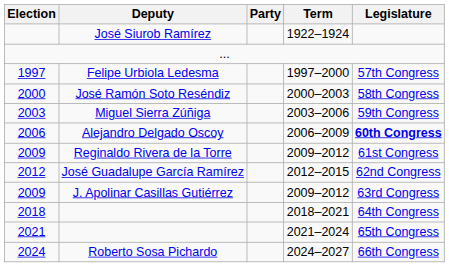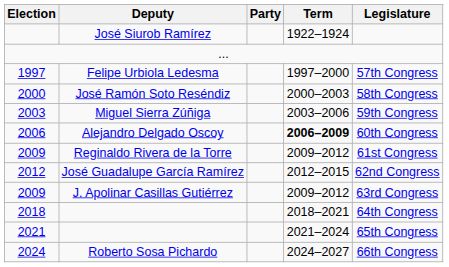 <table class="wikitable sortable" style="text-align: center">
 <tr>
 <th>Election</th>
 <th class="unsortable">Deputy</th>
 <th class="unsortable">Party</th>
 <th class="unsortable">Term</th>
 <th class="unsortable">Legislature</th>
 </tr>
 <tr>
 <td></td>
 <td><a href='#'>José Siurob Ramírez</a></td>
 <td></td>
 <td>1922–1924</td>
 <td></td>
 </tr>
 <tr>
 <td colspan=5> ...</td>
 </tr>
 <tr>
 <td><a href='#'>1997</a></td>
 <td><a href='#'>Felipe Urbiola Ledesma</a></td>
 <td></td>
 <td>1997–2000</td>
 <td><a href='#'>57th Congress</a></td>
 </tr>
 <tr>
 <td><a href='#'>2000</a></td>
 <td><a href='#'>José Ramón Soto Reséndiz</a></td>
 <td></td>
 <td>2000–2003</td>
 <td><a href='#'>58th Congress</a></td>
 </tr>
 <tr>
 <td><a href='#'>2003</a></td>
 <td><a href='#'>Miguel Sierra Zúñiga</a></td>
 <td></td>
 <td>2003–2006</td>
 <td><a href='#'>59th Congress</a></td>
 </tr>
 <tr>
 <td><a href='#'>2006</a></td>
 <td><a href='#'>Alejandro Delgado Oscoy</a></td>
 <td></td>
-<td>2006–2009</td>
-<td><strong><a href='#'>60th Congress</a></strong></td>
+<td><strong>2006–2009</strong></td>
+<td><a href='#'>60th Congress</a></td>
 </tr>
 <tr>
 <td><a href='#'>2009</a></td>
 <td><a href='#'>Reginaldo Rivera de la Torre</a></td>
 <td></td>
 <td>2009–2012</td>
 <td><a href='#'>61st Congress</a></td>
 </tr>
 <tr>
 <td><a href='#'>2012</a></td>
 <td><a href='#'>José Guadalupe García Ramírez</a></td>
 <td></td>
 <td>2012–2015</td>
 <td><a href='#'>62nd Congress</a></td>
 </tr>
 <tr>
 <td><a href='#'>2009</a></td>
 <td><a href='#'>J. Apolinar Casillas Gutiérrez</a></td>
 <td></td>
 <td>2009–2012</td>
 <td><a href='#'>63rd Congress</a></td>
 </tr>
 <tr>
 <td><a href='#'>2018</a></td>
 <td></td>
 <td></td>
 <td>2018–2021</td>
 <td><a href='#'>64th Congress</a></td>
 </tr>
 <tr>
 <td><a href='#'>2021</a></td>
 <td></td>
 <td></td>
 <td>2021–2024</td>
 <td><a href='#'>65th Congress</a></td>
 </tr>
 <tr>
 <td><a href='#'>2024</a></td>
 <td><a href='#'>Roberto Sosa Pichardo</a></td>
 <td></td>
 <td>2024–2027</td>
 <td><a href='#'>66th Congress</a></td>
 </tr>
 </table>
